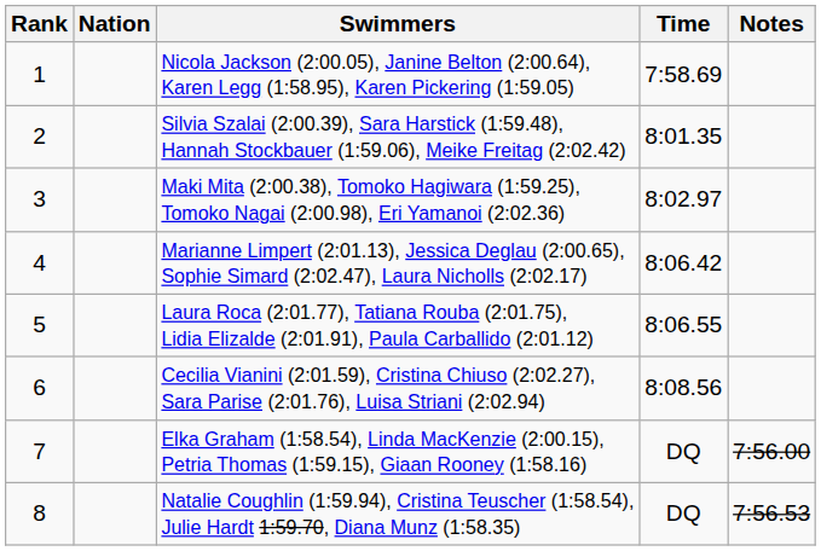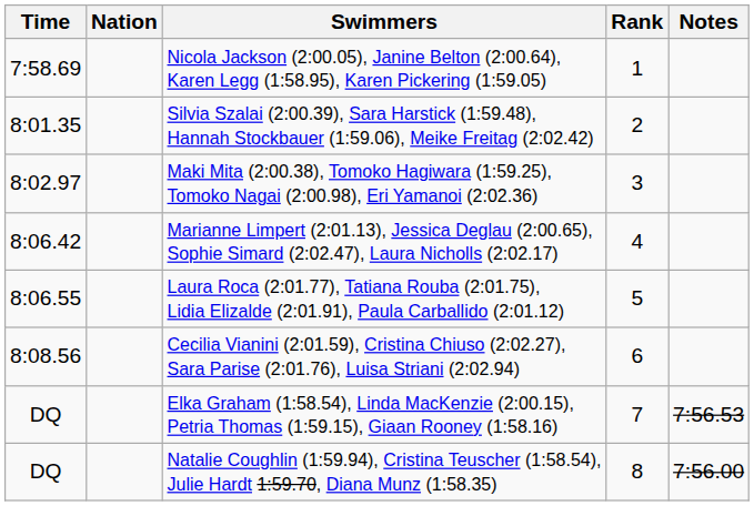 <table class="wikitable sortable" style="text-align:center">
 <tr>
-<th>Rank</th>
+<th>Time</th>
 <th>Nation</th>
 <th>Swimmers</th>
-<th>Time</th>
+<th>Rank</th>
 <th>Notes</th>
 </tr>
 <tr>
-<td>1</td>
+<td>7:58.69</td>
 <td align=left></td>
 <td align=left><small> <a href='#'>Nicola Jackson</a> (2:00.05), <a href='#'>Janine Belton</a> (2:00.64),<br> <a href='#'>Karen Legg</a> (1:58.95), <a href='#'>Karen Pickering</a> (1:59.05) </small></td>
-<td>7:58.69</td>
+<td>1</td>
 <td></td>
 </tr>
 <tr>
-<td>2</td>
+<td>8:01.35</td>
 <td align=left></td>
 <td align=left><small> <a href='#'>Silvia Szalai</a> (2:00.39), <a href='#'>Sara Harstick</a> (1:59.48),<br> <a href='#'>Hannah Stockbauer</a> (1:59.06), <a href='#'>Meike Freitag</a> (2:02.42) </small></td>
-<td>8:01.35</td>
+<td>2</td>
 <td></td>
 </tr>
 <tr>
-<td>3</td>
+<td>8:02.97</td>
 <td align=left></td>
 <td align=left><small> <a href='#'>Maki Mita</a> (2:00.38), <a href='#'>Tomoko Hagiwara</a> (1:59.25),<br> <a href='#'>Tomoko Nagai</a> (2:00.98), <a href='#'>Eri Yamanoi</a> (2:02.36) </small></td>
-<td>8:02.97</td>
+<td>3</td>
 <td></td>
 </tr>
 <tr>
-<td>4</td>
+<td>8:06.42</td>
 <td align=left></td>
 <td align=left><small> <a href='#'>Marianne Limpert</a> (2:01.13), <a href='#'>Jessica Deglau</a> (2:00.65),<br> <a href='#'>Sophie Simard</a> (2:02.47), <a href='#'>Laura Nicholls</a> (2:02.17) </small></td>
-<td>8:06.42</td>
+<td>4</td>
 <td></td>
 </tr>
 <tr>
-<td>5</td>
+<td>8:06.55</td>
 <td align=left></td>
 <td align=left><small> <a href='#'>Laura Roca</a> (2:01.77), <a href='#'>Tatiana Rouba</a> (2:01.75),<br> <a href='#'>Lidia Elizalde</a> (2:01.91), <a href='#'>Paula Carballido</a> (2:01.12) </small></td>
-<td>8:06.55</td>
+<td>5</td>
 <td></td>
 </tr>
 <tr>
-<td>6</td>
+<td>8:08.56</td>
 <td align=left></td>
 <td align=left><small> <a href='#'>Cecilia Vianini</a> (2:01.59), <a href='#'>Cristina Chiuso</a> (2:02.27),<br> <a href='#'>Sara Parise</a> (2:01.76), <a href='#'>Luisa Striani</a> (2:02.94) </small></td>
-<td>8:08.56</td>
+<td>6</td>
 <td></td>
 </tr>
 <tr>
-<td>7</td>
+<td>DQ</td>
 <td align=left></td>
 <td align=left><small> <a href='#'>Elka Graham</a> (1:58.54), <a href='#'>Linda MacKenzie</a> (2:00.15),<br> <a href='#'>Petria Thomas</a> (1:59.15), <a href='#'>Giaan Rooney</a> (1:58.16) </small></td>
+<td>7</td>
+<td><s>7:56.53</s></td>
+</tr>
+<tr>
 <td>DQ</td>
+<td align=left></td>
+<td align=left><small> <a href='#'>Natalie Coughlin</a> (1:59.94), <a href='#'>Cristina Teuscher</a> (1:58.54),<br> <a href='#'>Julie Hardt</a> <s>1:59.70</s>, <a href='#'>Diana Munz</a> (1:58.35) </small></td>
+<td>8</td>
 <td><s>7:56.00</s></td>
 </tr>
-<tr>
-<td>8</td>
-<td align=left></td>
-<td align=left><small> <a href='#'>Natalie Coughlin</a> (1:59.94), <a href='#'>Cristina Teuscher</a> (1:58.54),<br> <a href='#'>Julie Hardt</a> <s>1:59.70</s>, <a href='#'>Diana Munz</a> (1:58.35) </small></td>
-<td>DQ</td>
-<td><s>7:56.53</s></td>
-</tr>
 </table>
